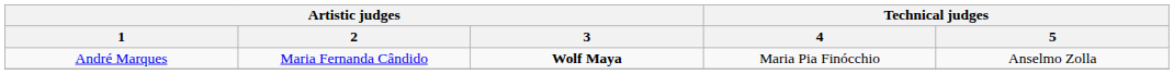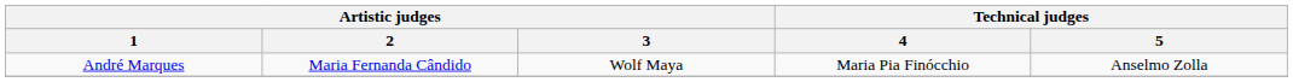 <table class="wikitable" style="font-size:100%; line-height:16px; text-align:center" width="100%">
 <tr>
 <th colspan=3>Artistic judges</th>
 <th colspan=2>Technical judges</th>
 </tr>
 <tr>
 <th style="width:20.0%;">1</th>
 <th style="width:20.0%;">2</th>
 <th style="width:20.0%;">3</th>
 <th style="width:20.0%;">4</th>
 <th style="width:20.0%;">5</th>
 </tr>
 <tr>
 <td><a href='#'>André Marques</a></td>
 <td><a href='#'>Maria Fernanda Cândido</a></td>
-<td><strong>Wolf Maya</strong></td>
+<td>Wolf Maya</td>
 <td>Maria Pia Finócchio</td>
 <td>Anselmo Zolla</td>
 </tr>
 <tr>
 </tr>
 </table>
